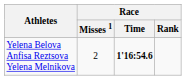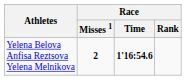 <table class="wikitable" border="1" style="font-size:90%">
 <tr>
 <th rowspan=2>Athletes</th>
 <th colspan=3>Race</th>
 </tr>
 <tr>
 <th>Misses <sup>1</sup></th>
 <th>Time</th>
 <th>Rank</th>
 </tr>
 <tr>
 <td> <a href='#'>Yelena Belova</a><br> <a href='#'>Anfisa Reztsova</a><br> <a href='#'>Yelena Melnikova</a></td>
-<td align=center>2</td>
+<td align=center><strong>2</strong></td>
 <td align=center><strong>1'16:54.6</strong></td>
 <td align=center></td>
 </tr>
 </table>
